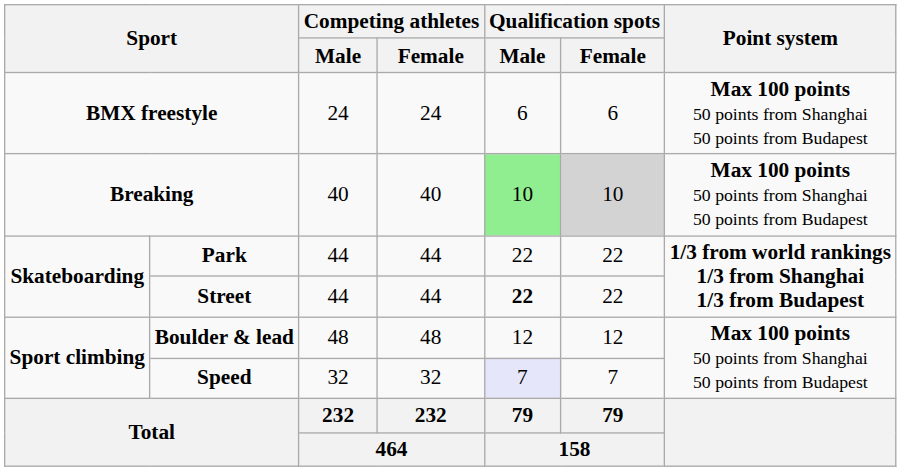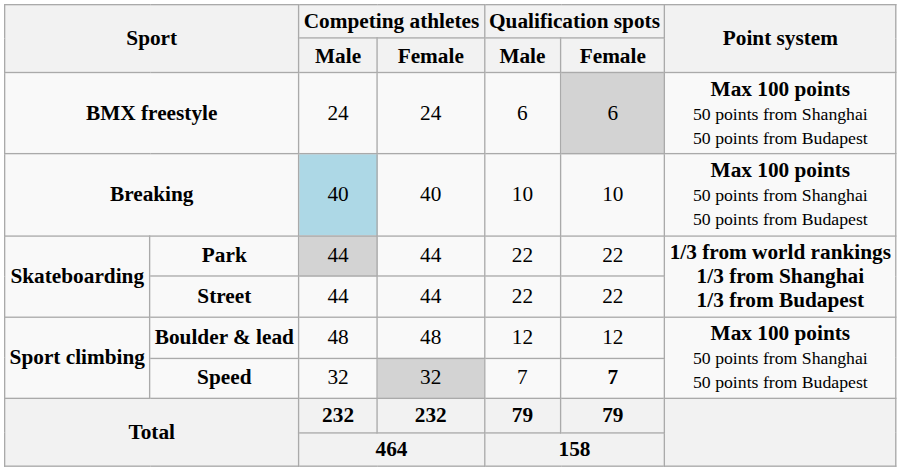 <table class="wikitable">
 <tr>
 <th rowspan="2" colspan="2">Sport</th>
 <th colspan="2">Competing athletes</th>
 <th colspan="2">Qualification spots</th>
 <th rowspan="2">Point system</th>
 </tr>
 <tr>
 <th>Male</th>
 <th>Female</th>
 <th>Male</th>
 <th>Female</th>
 </tr>
 <tr>
 <td align="center" colspan="2"><strong>BMX freestyle</strong></td>
 <td align="center">24</td>
 <td align="center">24</td>
 <td align="center">6</td>
-<td align="center">6</td>
+<td align="center" style="background: lightgrey;">6</td>
 <td align="center"><strong>Max 100 points</strong><br><small>50 points from Shanghai<br>50 points from Budapest</small></td>
 </tr>
 <tr>
 <td align="center" colspan="2"><strong>Breaking</strong></td>
+<td align="center" style="background: lightblue;">40</td>
 <td align="center">40</td>
-<td align="center">40</td>
-<td align="center" style="background: lightgreen;">10</td>
-<td align="center" style="background: lightgrey;">10</td>
+<td align="center">10</td>
+<td align="center">10</td>
 <td align="center"><strong>Max 100 points</strong><br><small>50 points from Shanghai<br>50 points from Budapest</small></td>
 </tr>
 <tr>
 <td align="center" rowspan="2"><strong>Skateboarding</strong></td>
 <td align="center"><strong>Park</strong></td>
-<td align="center">44</td>
+<td align="center" style="background: lightgrey;">44</td>
 <td align="center">44</td>
 <td align="center">22</td>
 <td align="center">22</td>
 <td align="center" rowspan="2"><strong>1/3 from world rankings<br>1/3 from Shanghai<br>1/3 from Budapest</strong></td>
 </tr>
 <tr>
 <td align="center"><strong>Street</strong></td>
 <td align="center">44</td>
 <td align="center">44</td>
-<td align="center"><strong>22</strong></td>
+<td align="center">22</td>
 <td align="center">22</td>
 </tr>
 <tr>
 <td align="center" rowspan="2"><strong>Sport climbing</strong></td>
 <td align="center"><strong>Boulder & lead</strong></td>
 <td align="center">48</td>
 <td align="center">48</td>
 <td align="center">12</td>
 <td align="center">12</td>
 <td align="center" rowspan="2"><strong>Max 100 points</strong><br><small>50 points from Shanghai<br>50 points from Budapest</small></td>
 </tr>
 <tr>
 <td align="center"><strong>Speed</strong></td>
 <td align="center">32</td>
-<td align="center">32</td>
-<td align="center" style="background: lavender;">7</td>
+<td align="center" style="background: lightgrey;">32</td>
 <td align="center">7</td>
+<td align="center"><strong>7</strong></td>
 </tr>
 <tr>
 <th rowspan="2" colspan="2">Total</th>
 <th>232</th>
 <th>232</th>
 <th>79</th>
 <th>79</th>
 <th rowspan="2"></th>
 </tr>
 <tr>
 <th colspan="2">464</th>
 <th colspan="2">158</th>
 </tr>
 </table>
